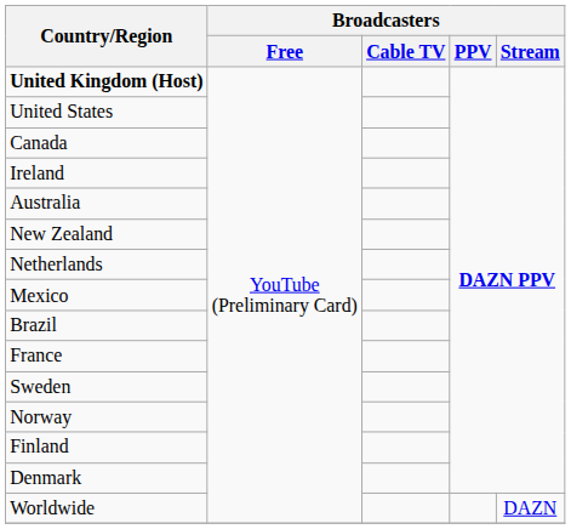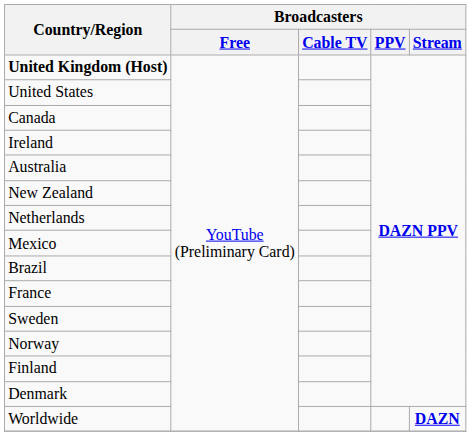 <table class="wikitable">
 <tr>
 <th rowspan="2">Country/Region</th>
 <th colspan="4">Broadcasters</th>
 </tr>
 <tr>
 <th><a href='#'>Free</a></th>
 <th><a href='#'>Cable TV</a></th>
 <th><a href='#'>PPV</a></th>
 <th><a href='#'>Stream</a></th>
 </tr>
 <tr>
 <td><strong>United Kingdom (Host)</strong></td>
 <td rowspan="15" align="center"><a href='#'>YouTube</a> <br> (Preliminary Card)</td>
 <td></td>
 <td rowspan="14" colspan="2" align="center"><strong><a href='#'>DAZN PPV</a></strong></td>
 </tr>
 <tr>
 <td>United States</td>
 <td></td>
 </tr>
 <tr>
 <td>Canada</td>
 <td></td>
 </tr>
 <tr>
 <td>Ireland</td>
 <td></td>
 </tr>
 <tr>
 <td>Australia</td>
 <td></td>
 </tr>
 <tr>
 <td>New Zealand</td>
 <td></td>
 </tr>
 <tr>
 <td>Netherlands</td>
 <td></td>
 </tr>
 <tr>
 <td>Mexico</td>
 <td></td>
 </tr>
 <tr>
 <td>Brazil</td>
 <td></td>
 </tr>
 <tr>
 <td>France</td>
 <td></td>
 </tr>
 <tr>
 <td>Sweden</td>
 <td></td>
 </tr>
 <tr>
 <td>Norway</td>
 <td></td>
 </tr>
 <tr>
 <td>Finland</td>
 <td></td>
 </tr>
 <tr>
 <td>Denmark</td>
 <td></td>
 </tr>
 <tr>
 <td>Worldwide</td>
 <td></td>
 <td></td>
-<td align="center"><a href='#'>DAZN</a></td>
+<td align="center"><strong><a href='#'>DAZN</a></strong></td>
 </tr>
 <tr>
 </tr>
 </table>
